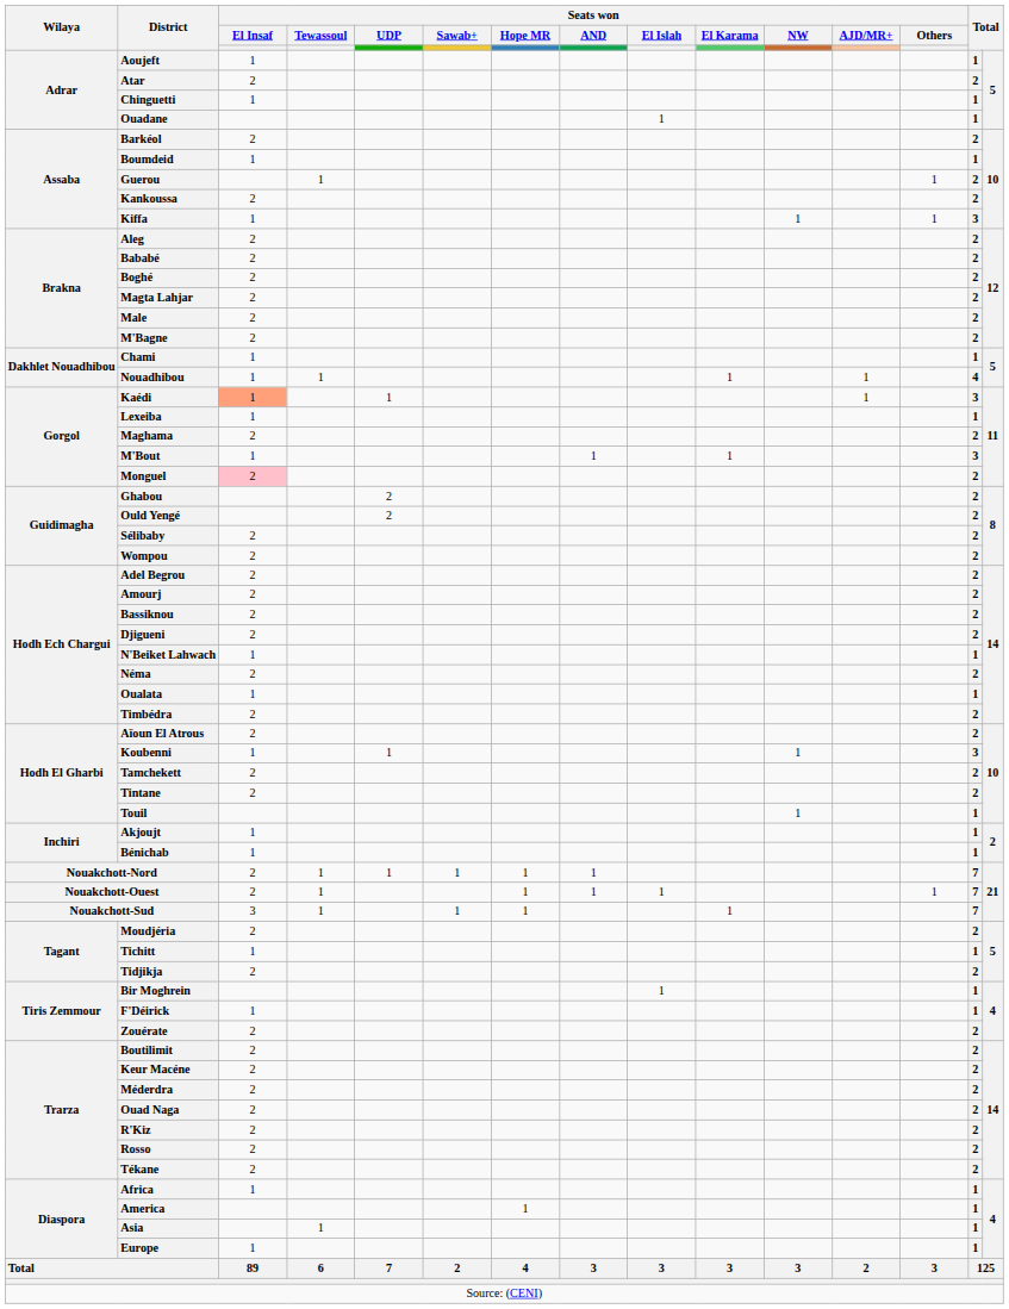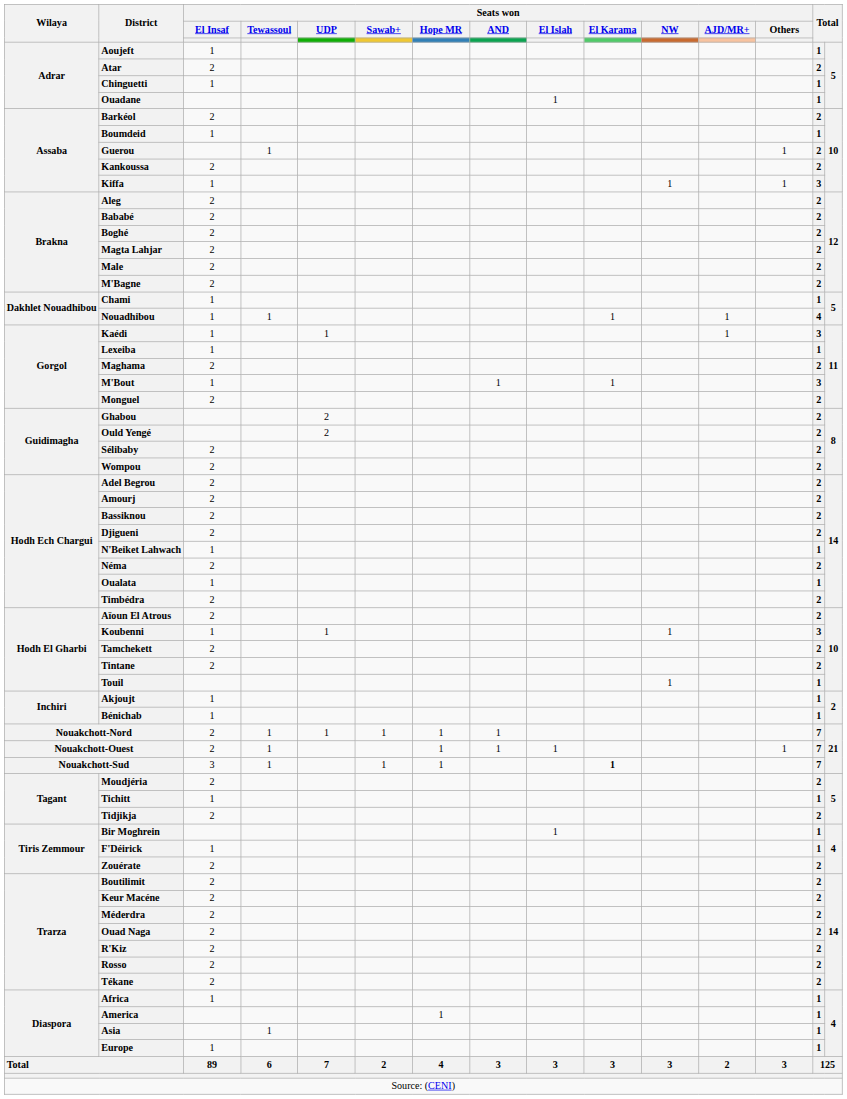 <table class="wikitable collapsible collapsed" style="text-align:center; font-size: 0.9em;">
 <tr>
 <th rowspan="3">Wilaya</th>
 <th rowspan="3">District</th>
 <th colspan="11">Seats won</th>
 <th rowspan="3" colspan="2" style="width:35px;">Total</th>
 </tr>
 <tr>
 <th class="unsortable" style="width:75px;"><a href='#'>El Insaf</a></th>
 <th class="unsortable" style="width:75px;"><a href='#'>Tewassoul</a></th>
 <th class="unsortable" style="width:75px;"><a href='#'>UDP</a></th>
 <th class="unsortable" style="width:75px;"><a href='#'>Sawab</a><a href='#'>+</a></th>
 <th class="unsortable" style="width:75px;"><a href='#'>Hope MR</a></th>
 <th class="unsortable" style="width:75px;"><a href='#'>AND</a></th>
 <th class="unsortable" style="width:75px;"><a href='#'>El Islah</a></th>
 <th class="unsortable" style="width:75px;"><a href='#'>El Karama</a></th>
 <th class="unsortable" style="width:75px;"><a href='#'>NW</a></th>
 <th class="unsortable" style="width:75px;"><a href='#'>AJD/MR</a><a href='#'>+</a></th>
 <th class="unsortable" style="width:75px;">Others</th>
 </tr>
 <tr>
 <th style="color:inherit;background:"></th>
 <th style="color:inherit;background:"></th>
 <th style="color:inherit;background:#0FAF05;"></th>
 <th style="color:inherit;background:#F0C832;"></th>
 <th style="color:inherit;background:#3080B7;"></th>
 <th style="color:inherit;background:#0AA450;"></th>
 <th style="color:inherit;background:"></th>
 <th style="color:inherit;background:#4FCB68;"></th>
 <th style="color:inherit;background:#C96A2F;"></th>
 <th style="background:#F8C3A0";></th>
 <th style="color:inherit;background:"></th>
 </tr>
 <tr>
 <th rowspan="4">Adrar</th>
 <th style="text-align: left;">Aoujeft</th>
 <td>1</td>
 <td></td>
 <td></td>
 <td></td>
 <td></td>
 <td></td>
 <td></td>
 <td></td>
 <td></td>
 <td></td>
 <td></td>
 <th>1</th>
 <th rowspan="4">5</th>
 </tr>
 <tr>
 <th style="text-align: left;">Atar</th>
 <td>2</td>
 <td></td>
 <td></td>
 <td></td>
 <td></td>
 <td></td>
 <td></td>
 <td></td>
 <td></td>
 <td></td>
 <td></td>
 <th>2</th>
 </tr>
 <tr>
 <th style="text-align: left;">Chinguetti</th>
 <td>1</td>
 <td></td>
 <td></td>
 <td></td>
 <td></td>
 <td></td>
 <td></td>
 <td></td>
 <td></td>
 <td></td>
 <td></td>
 <th>1</th>
 </tr>
 <tr>
 <th style="text-align: left;">Ouadane</th>
 <td></td>
 <td></td>
 <td></td>
 <td></td>
 <td></td>
 <td></td>
 <td>1</td>
 <td></td>
 <td></td>
 <td></td>
 <td></td>
 <th>1</th>
 </tr>
 <tr>
 <th rowspan="5">Assaba</th>
 <th style="text-align: left;">Barkéol</th>
 <td>2</td>
 <td></td>
 <td></td>
 <td></td>
 <td></td>
 <td></td>
 <td></td>
 <td></td>
 <td></td>
 <td></td>
 <td></td>
 <th>2</th>
 <th rowspan="5">10</th>
 </tr>
 <tr>
 <th style="text-align: left;">Boumdeid</th>
 <td>1</td>
 <td></td>
 <td></td>
 <td></td>
 <td></td>
 <td></td>
 <td></td>
 <td></td>
 <td></td>
 <td></td>
 <td></td>
 <th>1</th>
 </tr>
 <tr>
 <th style="text-align: left;">Guerou</th>
 <td></td>
 <td>1</td>
 <td></td>
 <td></td>
 <td></td>
 <td></td>
 <td></td>
 <td></td>
 <td></td>
 <td></td>
 <td>1</td>
 <th>2</th>
 </tr>
 <tr>
 <th style="text-align: left;">Kankoussa</th>
 <td>2</td>
 <td></td>
 <td></td>
 <td></td>
 <td></td>
 <td></td>
 <td></td>
 <td></td>
 <td></td>
 <td></td>
 <td></td>
 <th>2</th>
 </tr>
 <tr>
 <th style="text-align: left;">Kiffa</th>
 <td>1</td>
 <td></td>
 <td></td>
 <td></td>
 <td></td>
 <td></td>
 <td></td>
 <td></td>
 <td>1</td>
 <td></td>
 <td>1</td>
 <th>3</th>
 </tr>
 <tr>
 <th rowspan="6">Brakna</th>
 <th style="text-align: left;">Aleg</th>
 <td>2</td>
 <td></td>
 <td></td>
 <td></td>
 <td></td>
 <td></td>
 <td></td>
 <td></td>
 <td></td>
 <td></td>
 <td></td>
 <th>2</th>
 <th rowspan="6">12</th>
 </tr>
 <tr>
 <th style="text-align: left;">Bababé</th>
 <td>2</td>
 <td></td>
 <td></td>
 <td></td>
 <td></td>
 <td></td>
 <td></td>
 <td></td>
 <td></td>
 <td></td>
 <td></td>
 <th>2</th>
 </tr>
 <tr>
 <th style="text-align: left;">Boghé</th>
 <td>2</td>
 <td></td>
 <td></td>
 <td></td>
 <td></td>
 <td></td>
 <td></td>
 <td></td>
 <td></td>
 <td></td>
 <td></td>
 <th>2</th>
 </tr>
 <tr>
 <th style="text-align: left;">Magta Lahjar</th>
 <td>2</td>
 <td></td>
 <td></td>
 <td></td>
 <td></td>
 <td></td>
 <td></td>
 <td></td>
 <td></td>
 <td></td>
 <td></td>
 <th>2</th>
 </tr>
 <tr>
 <th style="text-align: left;">Male</th>
 <td>2</td>
 <td></td>
 <td></td>
 <td></td>
 <td></td>
 <td></td>
 <td></td>
 <td></td>
 <td></td>
 <td></td>
 <td></td>
 <th>2</th>
 </tr>
 <tr>
 <th style="text-align: left;">M'Bagne</th>
 <td>2</td>
 <td></td>
 <td></td>
 <td></td>
 <td></td>
 <td></td>
 <td></td>
 <td></td>
 <td></td>
 <td></td>
 <td></td>
 <th>2</th>
 </tr>
 <tr>
 <th rowspan="2">Dakhlet Nouadhibou</th>
 <th style="text-align: left;">Chami</th>
 <td>1</td>
 <td></td>
 <td></td>
 <td></td>
 <td></td>
 <td></td>
 <td></td>
 <td></td>
 <td></td>
 <td></td>
 <td></td>
 <th>1</th>
 <th rowspan="2">5</th>
 </tr>
 <tr>
 <th style="text-align: left;">Nouadhibou</th>
 <td>1</td>
 <td>1</td>
 <td></td>
 <td></td>
 <td></td>
 <td></td>
 <td></td>
 <td>1</td>
 <td></td>
 <td>1</td>
 <td></td>
 <th>4</th>
 </tr>
 <tr>
 <th rowspan="5">Gorgol</th>
 <th style="text-align: left;">Kaédi</th>
-<td style="background: lightsalmon;">1</td>
+<td>1</td>
 <td></td>
 <td>1</td>
 <td></td>
 <td></td>
 <td></td>
 <td></td>
 <td></td>
 <td></td>
 <td>1</td>
 <td></td>
 <th>3</th>
 <th rowspan="5">11</th>
 </tr>
 <tr>
 <th style="text-align: left;">Lexeiba</th>
 <td>1</td>
 <td></td>
 <td></td>
 <td></td>
 <td></td>
 <td></td>
 <td></td>
 <td></td>
 <td></td>
 <td></td>
 <td></td>
 <th>1</th>
 </tr>
 <tr>
 <th style="text-align: left;">Maghama</th>
 <td>2</td>
 <td></td>
 <td></td>
 <td></td>
 <td></td>
 <td></td>
 <td></td>
 <td></td>
 <td></td>
 <td></td>
 <td></td>
 <th>2</th>
 </tr>
 <tr>
 <th style="text-align: left;">M'Bout</th>
 <td>1</td>
 <td></td>
 <td></td>
 <td></td>
 <td></td>
 <td>1</td>
 <td></td>
 <td>1</td>
 <td></td>
 <td></td>
 <td></td>
 <th>3</th>
 </tr>
 <tr>
 <th style="text-align: left;">Monguel</th>
-<td style="background: pink;">2</td>
+<td>2</td>
 <td></td>
 <td></td>
 <td></td>
 <td></td>
 <td></td>
 <td></td>
 <td></td>
 <td></td>
 <td></td>
 <td></td>
 <th>2</th>
 </tr>
 <tr>
 <th rowspan="4">Guidimagha</th>
 <th style="text-align: left;">Ghabou</th>
 <td></td>
 <td></td>
 <td>2</td>
 <td></td>
 <td></td>
 <td></td>
 <td></td>
 <td></td>
 <td></td>
 <td></td>
 <td></td>
 <th>2</th>
 <th rowspan="4">8</th>
 </tr>
 <tr>
 <th style="text-align: left;">Ould Yengé</th>
 <td></td>
 <td></td>
 <td>2</td>
 <td></td>
 <td></td>
 <td></td>
 <td></td>
 <td></td>
 <td></td>
 <td></td>
 <td></td>
 <th>2</th>
 </tr>
 <tr>
 <th style="text-align: left;">Sélibaby</th>
 <td>2</td>
 <td></td>
 <td></td>
 <td></td>
 <td></td>
 <td></td>
 <td></td>
 <td></td>
 <td></td>
 <td></td>
 <td></td>
 <th>2</th>
 </tr>
 <tr>
 <th style="text-align: left;">Wompou</th>
 <td>2</td>
 <td></td>
 <td></td>
 <td></td>
 <td></td>
 <td></td>
 <td></td>
 <td></td>
 <td></td>
 <td></td>
 <td></td>
 <th>2</th>
 </tr>
 <tr>
 <th rowspan="8">Hodh Ech Chargui</th>
 <th style="text-align: left;">Adel Begrou</th>
 <td>2</td>
 <td></td>
 <td></td>
 <td></td>
 <td></td>
 <td></td>
 <td></td>
 <td></td>
 <td></td>
 <td></td>
 <td></td>
 <th>2</th>
 <th rowspan="8">14</th>
 </tr>
 <tr>
 <th style="text-align: left;">Amourj</th>
 <td>2</td>
 <td></td>
 <td></td>
 <td></td>
 <td></td>
 <td></td>
 <td></td>
 <td></td>
 <td></td>
 <td></td>
 <td></td>
 <th>2</th>
 </tr>
 <tr>
 <th style="text-align: left;">Bassiknou</th>
 <td>2</td>
 <td></td>
 <td></td>
 <td></td>
 <td></td>
 <td></td>
 <td></td>
 <td></td>
 <td></td>
 <td></td>
 <td></td>
 <th>2</th>
 </tr>
 <tr>
 <th style="text-align: left;">Djigueni</th>
 <td>2</td>
 <td></td>
 <td></td>
 <td></td>
 <td></td>
 <td></td>
 <td></td>
 <td></td>
 <td></td>
 <td></td>
 <td></td>
 <th>2</th>
 </tr>
 <tr>
 <th style="text-align: left;">N'Beiket Lahwach</th>
 <td>1</td>
 <td></td>
 <td></td>
 <td></td>
 <td></td>
 <td></td>
 <td></td>
 <td></td>
 <td></td>
 <td></td>
 <td></td>
 <th>1</th>
 </tr>
 <tr>
 <th style="text-align: left;">Néma</th>
 <td>2</td>
 <td></td>
 <td></td>
 <td></td>
 <td></td>
 <td></td>
 <td></td>
 <td></td>
 <td></td>
 <td></td>
 <td></td>
 <th>2</th>
 </tr>
 <tr>
 <th style="text-align: left;">Oualata</th>
 <td>1</td>
 <td></td>
 <td></td>
 <td></td>
 <td></td>
 <td></td>
 <td></td>
 <td></td>
 <td></td>
 <td></td>
 <td></td>
 <th>1</th>
 </tr>
 <tr>
 <th style="text-align: left;">Timbédra</th>
 <td>2</td>
 <td></td>
 <td></td>
 <td></td>
 <td></td>
 <td></td>
 <td></td>
 <td></td>
 <td></td>
 <td></td>
 <td></td>
 <th>2</th>
 </tr>
 <tr>
 <th rowspan="5">Hodh El Gharbi</th>
 <th style="text-align: left;">Aïoun El Atrous</th>
 <td>2</td>
 <td></td>
 <td></td>
 <td></td>
 <td></td>
 <td></td>
 <td></td>
 <td></td>
 <td></td>
 <td></td>
 <td></td>
 <th>2</th>
 <th rowspan="5">10</th>
 </tr>
 <tr>
 <th style="text-align: left;">Koubenni</th>
 <td>1</td>
 <td></td>
 <td>1</td>
 <td></td>
 <td></td>
 <td></td>
 <td></td>
 <td></td>
 <td>1</td>
 <td></td>
 <td></td>
 <th>3</th>
 </tr>
 <tr>
 <th style="text-align: left;">Tamchekett</th>
 <td>2</td>
 <td></td>
 <td></td>
 <td></td>
 <td></td>
 <td></td>
 <td></td>
 <td></td>
 <td></td>
 <td></td>
 <td></td>
 <th>2</th>
 </tr>
 <tr>
 <th style="text-align: left;">Tintane</th>
 <td>2</td>
 <td></td>
 <td></td>
 <td></td>
 <td></td>
 <td></td>
 <td></td>
 <td></td>
 <td></td>
 <td></td>
 <td></td>
 <th>2</th>
 </tr>
 <tr>
 <th style="text-align: left;">Touil</th>
 <td></td>
 <td></td>
 <td></td>
 <td></td>
 <td></td>
 <td></td>
 <td></td>
 <td></td>
 <td>1</td>
 <td></td>
 <td></td>
 <th>1</th>
 </tr>
 <tr>
 <th rowspan="2">Inchiri</th>
 <th style="text-align: left;">Akjoujt</th>
 <td>1</td>
 <td></td>
 <td></td>
 <td></td>
 <td></td>
 <td></td>
 <td></td>
 <td></td>
 <td></td>
 <td></td>
 <td></td>
 <th>1</th>
 <th rowspan="2">2</th>
 </tr>
 <tr>
 <th style="text-align: left;">Bénichab</th>
 <td>1</td>
 <td></td>
 <td></td>
 <td></td>
 <td></td>
 <td></td>
 <td></td>
 <td></td>
 <td></td>
 <td></td>
 <td></td>
 <th>1</th>
 </tr>
 <tr>
 <th colspan="2">Nouakchott-Nord</th>
 <td>2</td>
 <td>1</td>
 <td>1</td>
 <td>1</td>
 <td>1</td>
 <td>1</td>
 <td></td>
 <td></td>
 <td></td>
 <td></td>
 <td></td>
 <th>7</th>
 <th rowspan="3">21</th>
 </tr>
 <tr>
 <th colspan="2">Nouakchott-Ouest</th>
 <td>2</td>
 <td>1</td>
 <td></td>
 <td></td>
 <td>1</td>
 <td>1</td>
 <td>1</td>
 <td></td>
 <td></td>
 <td></td>
 <td>1</td>
 <th>7</th>
 </tr>
 <tr>
 <th colspan="2">Nouakchott-Sud</th>
 <td>3</td>
 <td>1</td>
 <td></td>
 <td>1</td>
 <td>1</td>
 <td></td>
 <td></td>
-<td>1</td>
+<td><strong>1</strong></td>
 <td></td>
 <td></td>
 <td></td>
 <th>7</th>
 </tr>
 <tr>
 <th rowspan="3">Tagant</th>
 <th style="text-align: left;">Moudjéria</th>
 <td>2</td>
 <td></td>
 <td></td>
 <td></td>
 <td></td>
 <td></td>
 <td></td>
 <td></td>
 <td></td>
 <td></td>
 <td></td>
 <th>2</th>
 <th rowspan="3">5</th>
 </tr>
 <tr>
 <th style="text-align: left;">Tichitt</th>
 <td>1</td>
 <td></td>
 <td></td>
 <td></td>
 <td></td>
 <td></td>
 <td></td>
 <td></td>
 <td></td>
 <td></td>
 <td></td>
 <th>1</th>
 </tr>
 <tr>
 <th style="text-align: left;">Tidjikja</th>
 <td>2</td>
 <td></td>
 <td></td>
 <td></td>
 <td></td>
 <td></td>
 <td></td>
 <td></td>
 <td></td>
 <td></td>
 <td></td>
 <th>2</th>
 </tr>
 <tr>
 <th rowspan="3">Tiris Zemmour</th>
 <th style="text-align: left;">Bir Moghrein</th>
 <td></td>
 <td></td>
 <td></td>
 <td></td>
 <td></td>
 <td></td>
 <td>1</td>
 <td></td>
 <td></td>
 <td></td>
 <td></td>
 <th>1</th>
 <th rowspan="3">4</th>
 </tr>
 <tr>
 <th style="text-align: left;">F'Déirick</th>
 <td>1</td>
 <td></td>
 <td></td>
 <td></td>
 <td></td>
 <td></td>
 <td></td>
 <td></td>
 <td></td>
 <td></td>
 <td></td>
 <th>1</th>
 </tr>
 <tr>
 <th style="text-align: left;">Zouérate</th>
 <td>2</td>
 <td></td>
 <td></td>
 <td></td>
 <td></td>
 <td></td>
 <td></td>
 <td></td>
 <td></td>
 <td></td>
 <td></td>
 <th>2</th>
 </tr>
 <tr>
 <th rowspan="7">Trarza</th>
 <th style="text-align: left;">Boutilimit</th>
 <td>2</td>
 <td></td>
 <td></td>
 <td></td>
 <td></td>
 <td></td>
 <td></td>
 <td></td>
 <td></td>
 <td></td>
 <td></td>
 <th>2</th>
 <th rowspan="7">14</th>
 </tr>
 <tr>
 <th style="text-align: left;">Keur Macéne</th>
 <td>2</td>
 <td></td>
 <td></td>
 <td></td>
 <td></td>
 <td></td>
 <td></td>
 <td></td>
 <td></td>
 <td></td>
 <td></td>
 <th>2</th>
 </tr>
 <tr>
 <th style="text-align: left;">Méderdra</th>
 <td>2</td>
 <td></td>
 <td></td>
 <td></td>
 <td></td>
 <td></td>
 <td></td>
 <td></td>
 <td></td>
 <td></td>
 <td></td>
 <th>2</th>
 </tr>
 <tr>
 <th style="text-align: left;">Ouad Naga</th>
 <td>2</td>
 <td></td>
 <td></td>
 <td></td>
 <td></td>
 <td></td>
 <td></td>
 <td></td>
 <td></td>
 <td></td>
 <td></td>
 <th>2</th>
 </tr>
 <tr>
 <th style="text-align: left;">R'Kiz</th>
 <td>2</td>
 <td></td>
 <td></td>
 <td></td>
 <td></td>
 <td></td>
 <td></td>
 <td></td>
 <td></td>
 <td></td>
 <td></td>
 <th>2</th>
 </tr>
 <tr>
 <th style="text-align: left;">Rosso</th>
 <td>2</td>
 <td></td>
 <td></td>
 <td></td>
 <td></td>
 <td></td>
 <td></td>
 <td></td>
 <td></td>
 <td></td>
 <td></td>
 <th>2</th>
 </tr>
 <tr>
 <th style="text-align: left;">Tékane</th>
 <td>2</td>
 <td></td>
 <td></td>
 <td></td>
 <td></td>
 <td></td>
 <td></td>
 <td></td>
 <td></td>
 <td></td>
 <td></td>
 <th>2</th>
 </tr>
 <tr>
 <th rowspan="4">Diaspora</th>
 <th style="text-align: left;">Africa</th>
 <td>1</td>
 <td></td>
 <td></td>
 <td></td>
 <td></td>
 <td></td>
 <td></td>
 <td></td>
 <td></td>
 <td></td>
 <td></td>
 <th>1</th>
 <th rowspan="4">4</th>
 </tr>
 <tr>
 <th style="text-align: left;">America</th>
 <td></td>
 <td></td>
 <td></td>
 <td></td>
 <td>1</td>
 <td></td>
 <td></td>
 <td></td>
 <td></td>
 <td></td>
 <td></td>
 <th>1</th>
 </tr>
 <tr>
 <th style="text-align: left;">Asia</th>
 <td></td>
 <td>1</td>
 <td></td>
 <td></td>
 <td></td>
 <td></td>
 <td></td>
 <td></td>
 <td></td>
 <td></td>
 <td></td>
 <th>1</th>
 </tr>
 <tr>
 <th style="text-align: left;">Europe</th>
 <td>1</td>
 <td></td>
 <td></td>
 <td></td>
 <td></td>
 <td></td>
 <td></td>
 <td></td>
 <td></td>
 <td></td>
 <td></td>
 <th>1</th>
 </tr>
 <tr class="sortbottom">
 <th colspan="2" style="text-align: left;">Total</th>
 <th>89</th>
 <th>6</th>
 <th>7</th>
 <th>2</th>
 <th>4</th>
 <th>3</th>
 <th>3</th>
 <th>3</th>
 <th>3</th>
 <th>2</th>
 <th>3</th>
 <th colspan="2">125</th>
 </tr>
 <tr>
 <th colspan="15"></th>
 </tr>
 <tr>
 <td colspan="15">Source:  (<a href='#'>CENI</a>)</td>
 </tr>
 </table>
